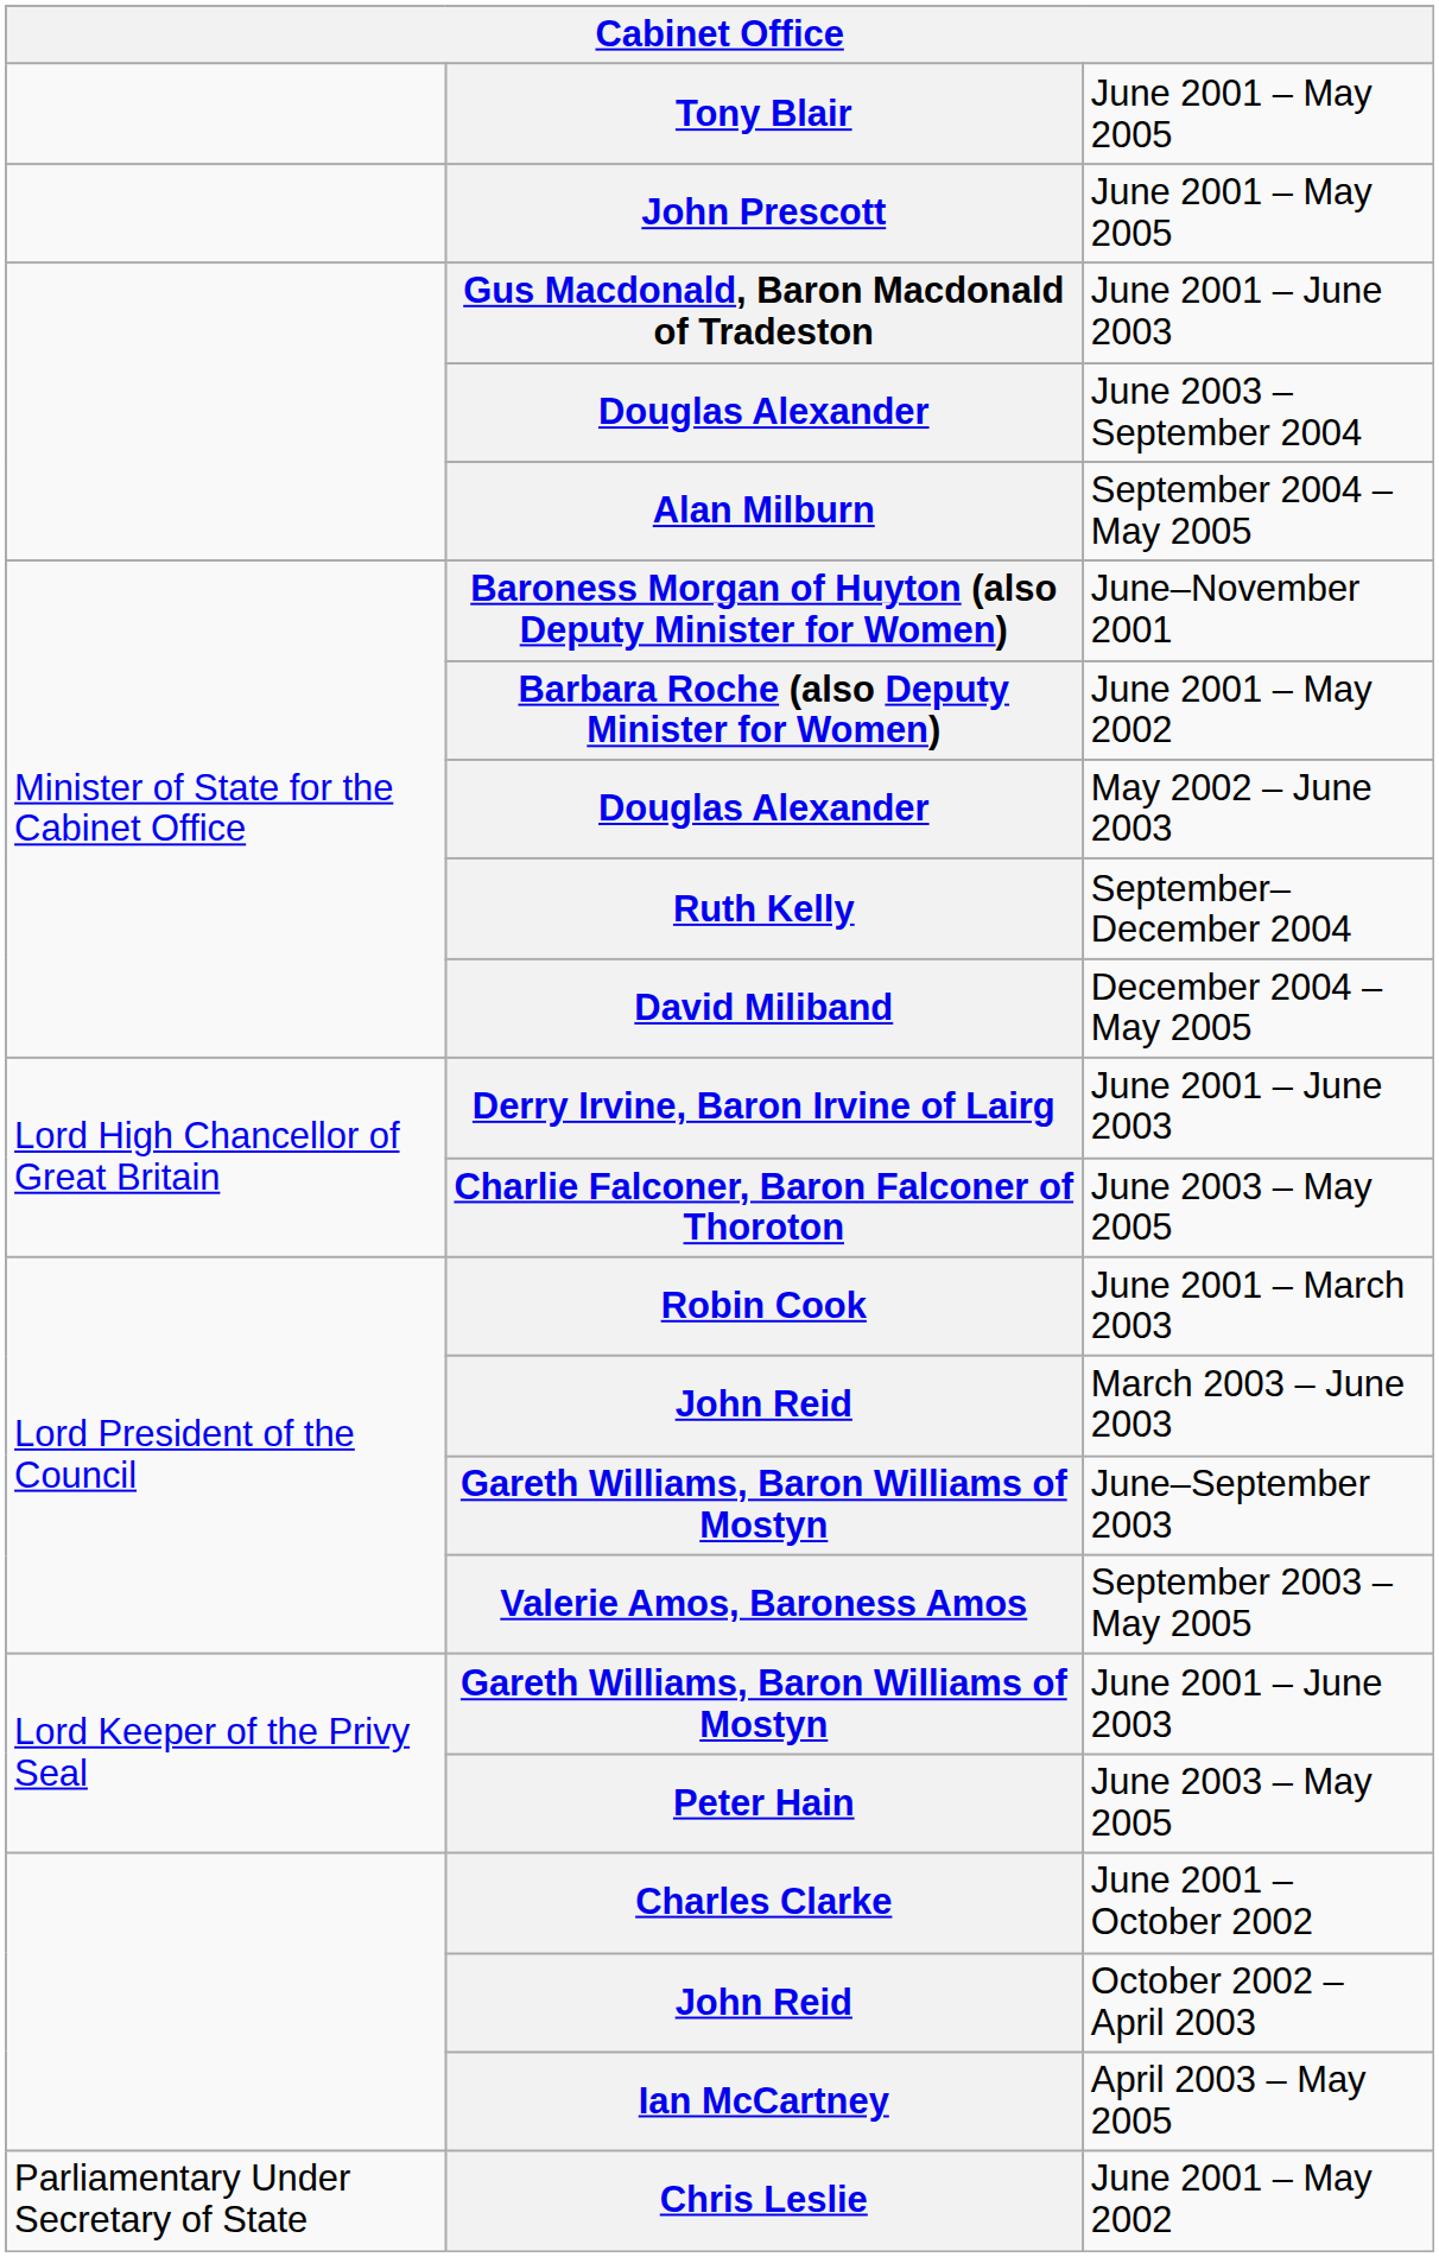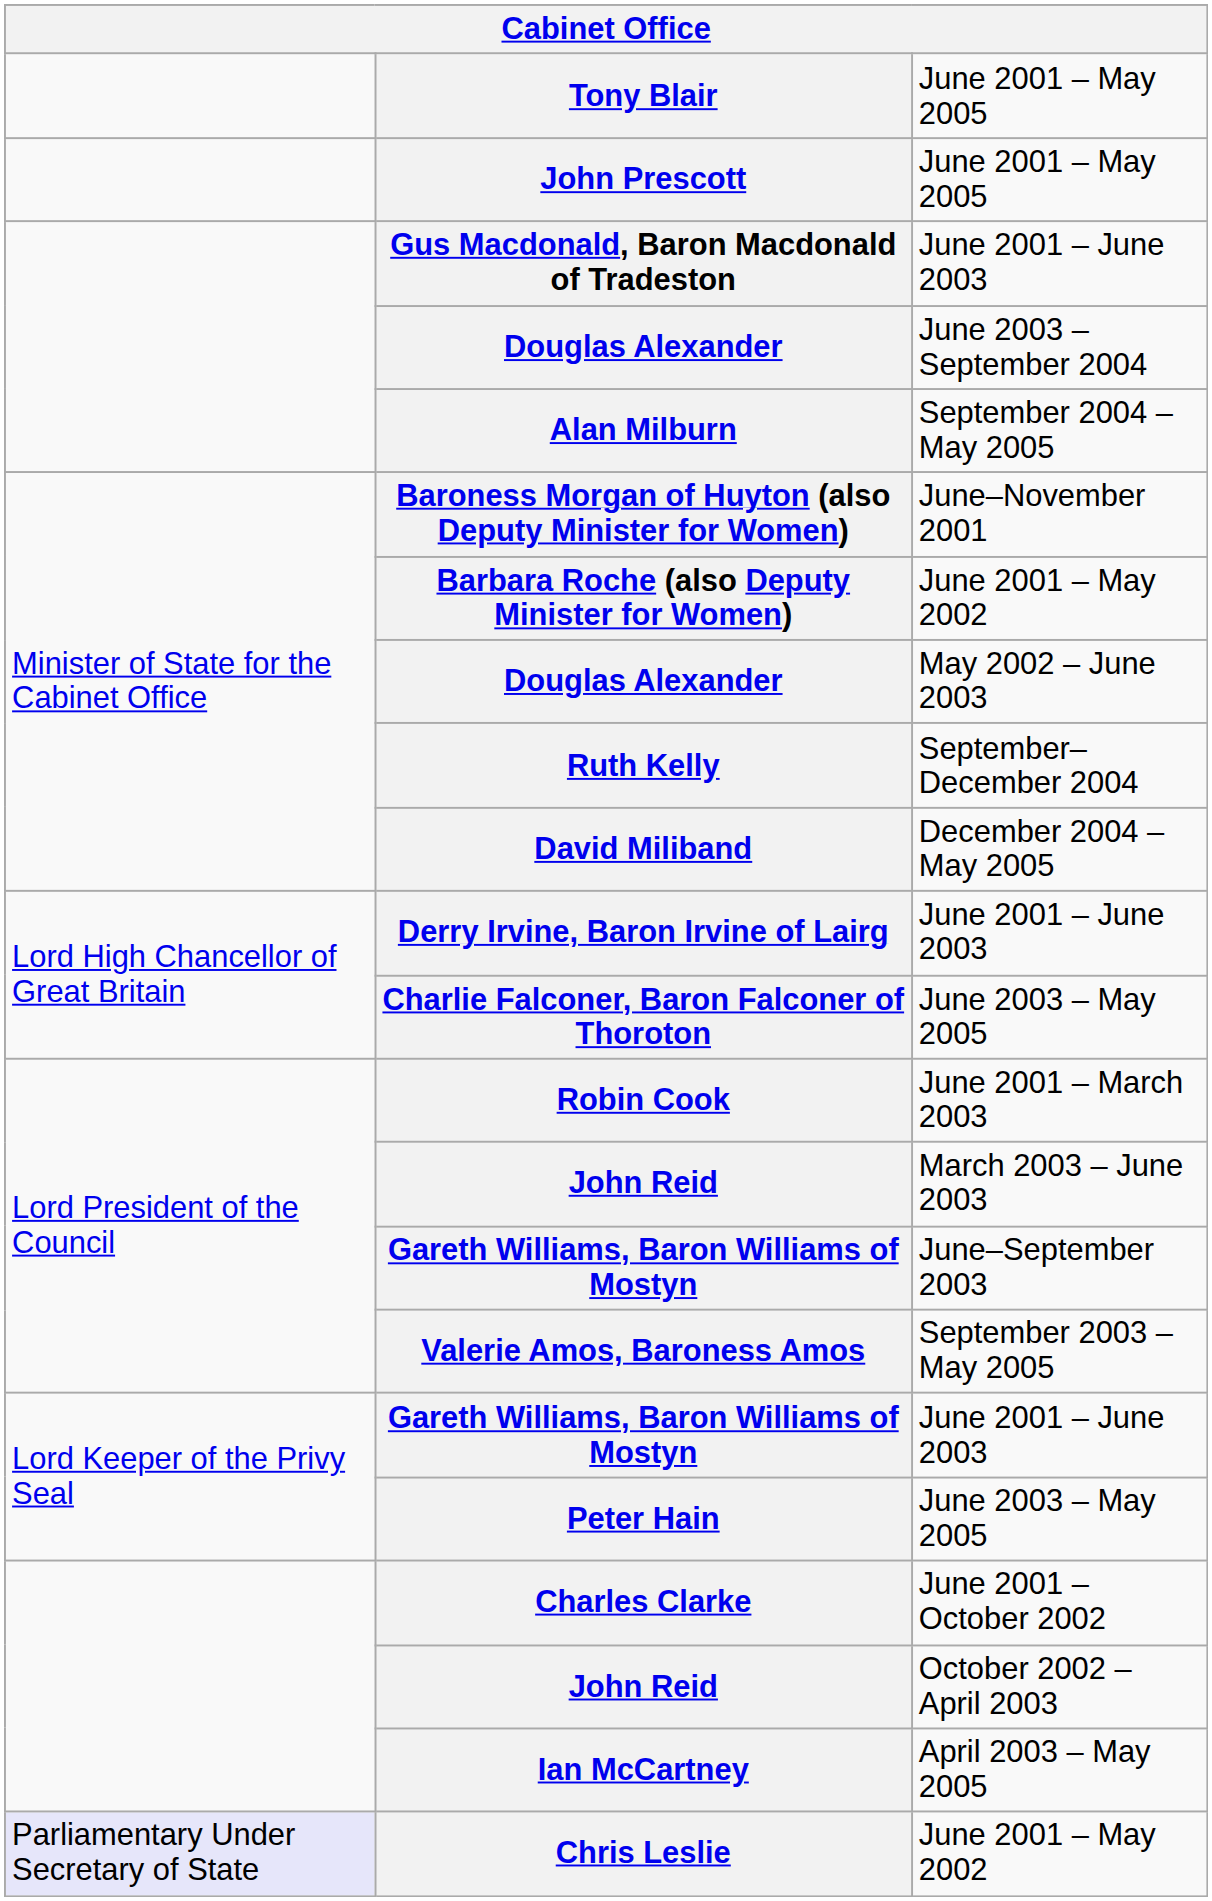 <table class="wikitable plainrowheaders" width=100% style="max-width:55em;">
 <tr>
 <th colspan=4><a href='#'>Cabinet Office</a></th>
 </tr>
 <tr>
 <td></td>
 <th scope="row" style="font-weight:bold;"><a href='#'>Tony Blair</a></th>
 <td>June 2001 – May 2005</td>
 </tr>
 <tr>
 <td></td>
 <th scope="row" style="font-weight:bold;"><a href='#'>John Prescott</a></th>
 <td>June 2001 – May 2005</td>
 </tr>
 <tr>
 <td rowspan="3"></td>
 <th scope="row"><a href='#'>Gus Macdonald</a>, Baron Macdonald of Tradeston</th>
 <td>June 2001 – June 2003</td>
 </tr>
 <tr>
 <th scope="row"><a href='#'>Douglas Alexander</a></th>
 <td>June 2003 – September 2004</td>
 </tr>
 <tr>
 <th scope="row" style="font-weight:bold;"><a href='#'>Alan Milburn</a></th>
 <td>September 2004 – May 2005</td>
 </tr>
 <tr>
 <td rowspan="5"><a href='#'>Minister of State for the Cabinet Office</a></td>
 <th scope="row"><a href='#'>Baroness Morgan of Huyton</a> (also <a href='#'>Deputy Minister for Women</a>)</th>
 <td>June–November 2001</td>
 </tr>
 <tr>
 <th scope="row"><a href='#'>Barbara Roche</a> (also <a href='#'>Deputy Minister for Women</a>)</th>
 <td>June 2001 – May 2002</td>
 </tr>
 <tr>
 <th scope="row"><a href='#'>Douglas Alexander</a></th>
 <td>May 2002 – June 2003</td>
 </tr>
 <tr>
 <th scope="row"><a href='#'>Ruth Kelly</a></th>
 <td>September–December 2004</td>
 </tr>
 <tr>
 <th scope="row"><a href='#'>David Miliband</a></th>
 <td>December 2004 – May 2005</td>
 </tr>
 <tr>
 <td rowspan="2"><a href='#'>Lord High Chancellor of Great Britain</a></td>
 <th scope="row" style="font-weight:bold;"><a href='#'>Derry Irvine, Baron Irvine of Lairg</a></th>
 <td>June 2001 – June 2003</td>
 </tr>
 <tr>
 <th scope="row" style="font-weight:bold;"><a href='#'>Charlie Falconer, Baron Falconer of Thoroton</a></th>
 <td>June 2003 – May 2005</td>
 </tr>
 <tr>
 <td rowspan="4"><a href='#'>Lord President of the Council</a></td>
 <th scope="row" style="font-weight:bold;"><a href='#'>Robin Cook</a></th>
 <td>June 2001 – March 2003</td>
 </tr>
 <tr>
 <th scope="row" style="font-weight:bold;"><a href='#'>John Reid</a></th>
 <td>March 2003 – June 2003</td>
 </tr>
 <tr>
 <th scope="row" style="font-weight:bold;"><a href='#'>Gareth Williams, Baron Williams of Mostyn</a></th>
 <td>June–September 2003</td>
 </tr>
 <tr>
 <th scope="row" style="font-weight:bold;"><a href='#'>Valerie Amos, Baroness Amos</a></th>
 <td>September 2003 – May 2005</td>
 </tr>
 <tr>
 <td rowspan="2"><a href='#'>Lord Keeper of the Privy Seal</a></td>
 <th scope="row" style="font-weight:bold;"><a href='#'>Gareth Williams, Baron Williams of Mostyn</a></th>
 <td>June 2001 – June 2003</td>
 </tr>
 <tr>
 <th scope="row" style="font-weight:bold;"><a href='#'>Peter Hain</a></th>
 <td>June 2003 – May 2005</td>
 </tr>
 <tr>
 <td rowspan="3"></td>
 <th scope="row" style="font-weight:bold;"><a href='#'>Charles Clarke</a></th>
 <td>June 2001 – October 2002</td>
 </tr>
 <tr>
 <th scope="row" style="font-weight:bold;"><a href='#'>John Reid</a></th>
 <td>October 2002 – April 2003</td>
 </tr>
 <tr>
 <th scope="row" style="font-weight:bold;"><a href='#'>Ian McCartney</a></th>
 <td>April 2003 – May 2005</td>
 </tr>
 <tr>
-<td>Parliamentary Under Secretary of State</td>
+<td style="background: lavender;">Parliamentary Under Secretary of State</td>
 <th scope="row"><a href='#'>Chris Leslie</a></th>
 <td>June 2001 – May 2002</td>
 </tr>
 </table>
